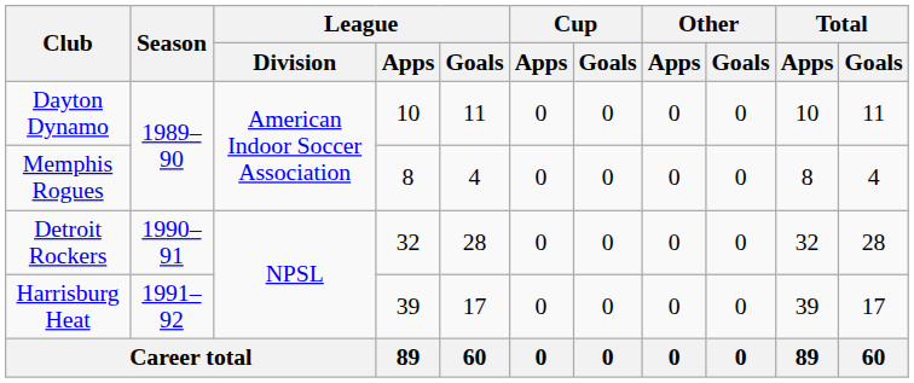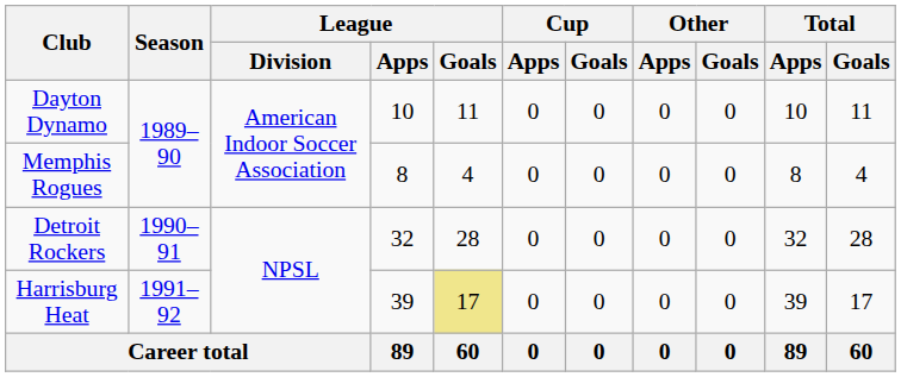 <table class="wikitable" style="text-align: center">
 <tr>
 <th rowspan="2">Club</th>
 <th rowspan="2">Season</th>
 <th colspan="3">League</th>
 <th colspan="2">Cup</th>
 <th colspan="2">Other</th>
 <th colspan="2">Total</th>
 </tr>
 <tr>
 <th>Division</th>
 <th>Apps</th>
 <th>Goals</th>
 <th>Apps</th>
 <th>Goals</th>
 <th>Apps</th>
 <th>Goals</th>
 <th>Apps</th>
 <th>Goals</th>
 </tr>
 <tr>
 <td><a href='#'>Dayton Dynamo</a></td>
 <td rowspan="2"><a href='#'>1989–90</a></td>
 <td rowspan="2"><a href='#'>American Indoor Soccer Association</a></td>
 <td>10</td>
 <td>11</td>
 <td>0</td>
 <td>0</td>
 <td>0</td>
 <td>0</td>
 <td>10</td>
 <td>11</td>
 </tr>
 <tr>
 <td><a href='#'>Memphis Rogues</a></td>
 <td>8</td>
 <td>4</td>
 <td>0</td>
 <td>0</td>
 <td>0</td>
 <td>0</td>
 <td>8</td>
 <td>4</td>
 </tr>
 <tr>
 <td><a href='#'>Detroit Rockers</a></td>
 <td><a href='#'>1990–91</a></td>
 <td rowspan="2"><a href='#'>NPSL</a></td>
 <td>32</td>
 <td>28</td>
 <td>0</td>
 <td>0</td>
 <td>0</td>
 <td>0</td>
 <td>32</td>
 <td>28</td>
 </tr>
 <tr>
 <td><a href='#'>Harrisburg Heat</a></td>
 <td><a href='#'>1991–92</a></td>
 <td>39</td>
-<td>17</td>
+<td style="background: khaki;">17</td>
 <td>0</td>
 <td>0</td>
 <td>0</td>
 <td>0</td>
 <td>39</td>
 <td>17</td>
 </tr>
 <tr>
 <th colspan="3"><strong>Career total</strong></th>
 <th>89</th>
 <th>60</th>
 <th>0</th>
 <th>0</th>
 <th>0</th>
 <th>0</th>
 <th>89</th>
 <th>60</th>
 </tr>
 </table>
